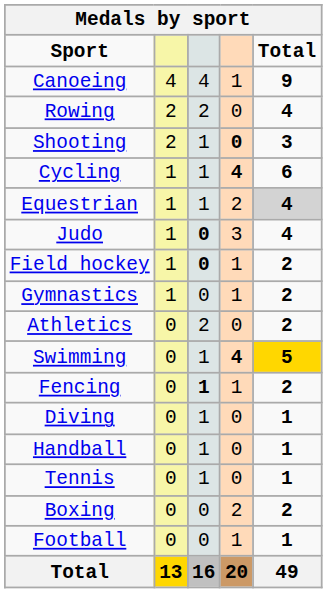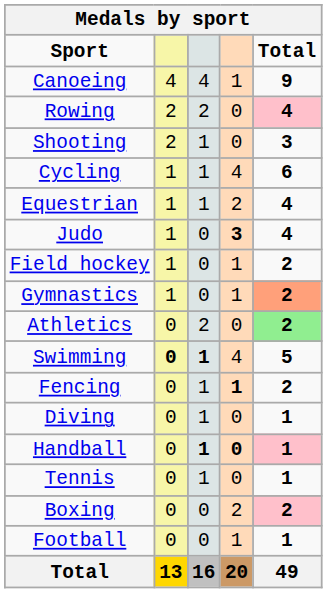 <table class="wikitable" style="font-size:85%">
 <tr style="background:#efefef;">
 <th colspan=5>Medals by sport</th>
 </tr>
 <tr align=center>
 <td><strong>Sport</strong></td>
 <td bgcolor=#f7f6a8></td>
 <td bgcolor=#dce5e5></td>
 <td bgcolor=#ffdab9></td>
 <td><strong>Total</strong></td>
 </tr>
 <tr align=center>
 <td><a href='#'>Canoeing</a></td>
 <td style="background:#F7F6A8;">4</td>
 <td style="background:#DCE5E5;">4</td>
 <td style="background:#FFDAB9;">1</td>
 <td><strong>9</strong></td>
 </tr>
 <tr align=center>
 <td><a href='#'>Rowing</a></td>
 <td style="background:#F7F6A8;">2</td>
 <td style="background:#DCE5E5;">2</td>
 <td style="background:#FFDAB9;">0</td>
-<td><strong>4</strong></td>
+<td style="background: pink;"><strong>4</strong></td>
 </tr>
 <tr align=center>
 <td><a href='#'>Shooting</a></td>
 <td style="background:#F7F6A8;">2</td>
 <td style="background:#DCE5E5;">1</td>
-<td style="background:#FFDAB9;"><strong>0</strong></td>
+<td style="background:#FFDAB9;">0</td>
 <td><strong>3</strong></td>
 </tr>
 <tr align=center>
 <td><a href='#'>Cycling</a></td>
 <td style="background:#F7F6A8;">1</td>
 <td style="background:#DCE5E5;">1</td>
-<td style="background:#FFDAB9;"><strong>4</strong></td>
+<td style="background:#FFDAB9;">4</td>
 <td><strong>6</strong></td>
 </tr>
 <tr align=center>
 <td><a href='#'>Equestrian</a></td>
 <td style="background:#F7F6A8;">1</td>
 <td style="background:#DCE5E5;">1</td>
 <td style="background:#FFDAB9;">2</td>
-<td style="background: lightgrey;"><strong>4</strong></td>
+<td><strong>4</strong></td>
 </tr>
 <tr align=center>
 <td><a href='#'>Judo</a></td>
 <td style="background:#F7F6A8;">1</td>
-<td style="background:#DCE5E5;"><strong>0</strong></td>
-<td style="background:#FFDAB9;">3</td>
+<td style="background:#DCE5E5;">0</td>
+<td style="background:#FFDAB9;"><strong>3</strong></td>
 <td><strong>4</strong></td>
 </tr>
 <tr align=center>
 <td><a href='#'>Field hockey</a></td>
 <td style="background:#F7F6A8;">1</td>
-<td style="background:#DCE5E5;"><strong>0</strong></td>
+<td style="background:#DCE5E5;">0</td>
 <td style="background:#FFDAB9;">1</td>
 <td><strong>2</strong></td>
 </tr>
 <tr align=center>
 <td><a href='#'>Gymnastics</a></td>
 <td style="background:#F7F6A8;">1</td>
 <td style="background:#DCE5E5;">0</td>
 <td style="background:#FFDAB9;">1</td>
-<td><strong>2</strong></td>
+<td style="background: lightsalmon;"><strong>2</strong></td>
 </tr>
 <tr align=center>
 <td><a href='#'>Athletics</a></td>
 <td style="background:#F7F6A8;">0</td>
 <td style="background:#DCE5E5;">2</td>
 <td style="background:#FFDAB9;">0</td>
-<td><strong>2</strong></td>
+<td style="background: lightgreen;"><strong>2</strong></td>
 </tr>
 <tr align=center>
 <td><a href='#'>Swimming</a></td>
-<td style="background:#F7F6A8;">0</td>
-<td style="background:#DCE5E5;">1</td>
-<td style="background:#FFDAB9;"><strong>4</strong></td>
-<td style="background: gold;"><strong>5</strong></td>
+<td style="background:#F7F6A8;"><strong>0</strong></td>
+<td style="background:#DCE5E5;"><strong>1</strong></td>
+<td style="background:#FFDAB9;">4</td>
+<td><strong>5</strong></td>
 </tr>
 <tr align=center>
 <td><a href='#'>Fencing</a></td>
 <td style="background:#F7F6A8;">0</td>
-<td style="background:#DCE5E5;"><strong>1</strong></td>
-<td style="background:#FFDAB9;">1</td>
+<td style="background:#DCE5E5;">1</td>
+<td style="background:#FFDAB9;"><strong>1</strong></td>
 <td><strong>2</strong></td>
 </tr>
 <tr align=center>
 <td><a href='#'>Diving</a></td>
 <td style="background:#F7F6A8;">0</td>
 <td style="background:#DCE5E5;">1</td>
 <td style="background:#FFDAB9;">0</td>
 <td><strong>1</strong></td>
 </tr>
 <tr align=center>
 <td><a href='#'>Handball</a></td>
 <td style="background:#F7F6A8;">0</td>
-<td style="background:#DCE5E5;">1</td>
-<td style="background:#FFDAB9;">0</td>
-<td><strong>1</strong></td>
+<td style="background:#DCE5E5;"><strong>1</strong></td>
+<td style="background:#FFDAB9;"><strong>0</strong></td>
+<td style="background: pink;"><strong>1</strong></td>
 </tr>
 <tr align=center>
 <td><a href='#'>Tennis</a></td>
 <td style="background:#F7F6A8;">0</td>
 <td style="background:#DCE5E5;">1</td>
 <td style="background:#FFDAB9;">0</td>
 <td><strong>1</strong></td>
 </tr>
 <tr align=center>
 <td><a href='#'>Boxing</a></td>
 <td style="background:#F7F6A8;">0</td>
 <td style="background:#DCE5E5;">0</td>
 <td style="background:#FFDAB9;">2</td>
-<td><strong>2</strong></td>
+<td style="background: pink;"><strong>2</strong></td>
 </tr>
 <tr align=center>
 <td><a href='#'>Football</a></td>
 <td style="background:#F7F6A8;">0</td>
 <td style="background:#DCE5E5;">0</td>
 <td style="background:#FFDAB9;">1</td>
 <td><strong>1</strong></td>
 </tr>
 <tr align=center>
 <th>Total</th>
 <th style="background:gold;">13</th>
 <th style="background:silver;">16</th>
 <th style="background:#c96;">20</th>
 <th>49</th>
 </tr>
 </table>
